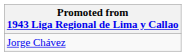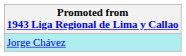 <table class="wikitable">
 <tr>
 <th>Promoted from<br><a href='#'>1943 Liga Regional de Lima y Callao</a></th>
 </tr>
 <tr>
-<td> <a href='#'>Jorge Chávez</a> </td>
+<td style="background: paleturquoise;"> <a href='#'>Jorge Chávez</a> </td>
 </tr>
 </table>
